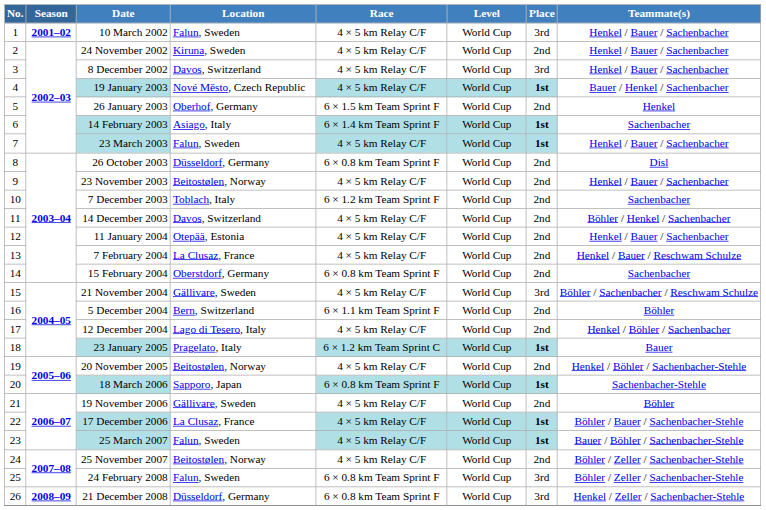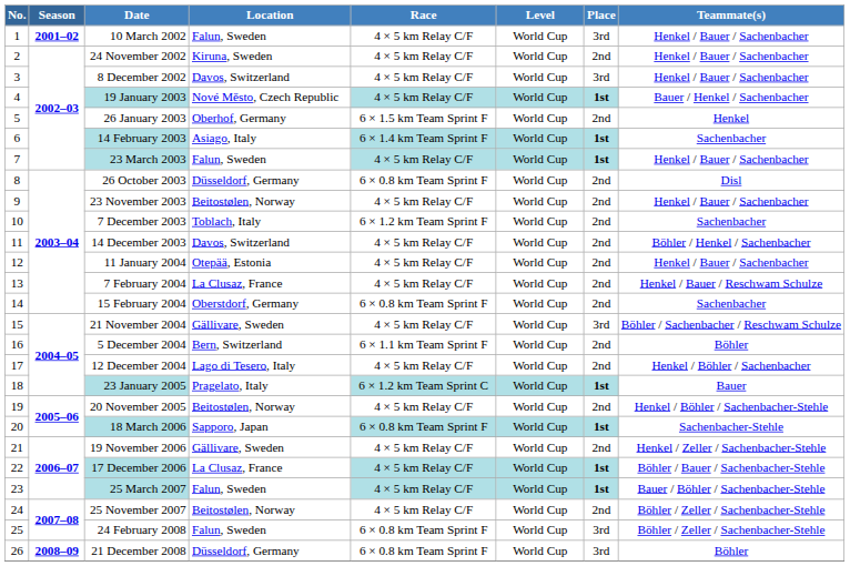 <table class="wikitable sortable" style="font-size:95%; text-align:center; border:grey solid 1px; border-collapse:collapse; background:#ffffff;">
 <tr style="background:#efefef;">
 <th style="background-color:#369; color:white;">No.</th>
 <th style="background-color:#369; color:white;">Season</th>
 <th style="background-color:#4180be; color:white; width:120px;">Date</th>
 <th style="background-color:#4180be; color:white; width:190px;">Location</th>
 <th style="background-color:#4180be; color:white; width:170px;">Race</th>
 <th style="background-color:#4180be; color:white; width:100px;">Level</th>
 <th style="background-color:#4180be; color:white;">Place</th>
 <th style="background-color:#4180be; color:white;">Teammate(s)</th>
 </tr>
 <tr>
 <td align=center>1</td>
 <td rowspan=1 align=center><strong> <a href='#'>2001–02</a> </strong></td>
 <td align=right>10 March 2002</td>
 <td align=left> <a href='#'>Falun</a>, Sweden</td>
 <td>4 × 5 km Relay C/F</td>
 <td>World Cup</td>
 <td>3rd</td>
 <td><a href='#'>Henkel</a> / <a href='#'>Bauer</a> / <a href='#'>Sachenbacher</a></td>
 </tr>
 <tr>
 <td align=center>2</td>
 <td rowspan=6 align=center><strong> <a href='#'>2002–03</a> </strong></td>
 <td align=right>24 November 2002</td>
 <td align=left> <a href='#'>Kiruna</a>, Sweden</td>
 <td>4 × 5 km Relay C/F</td>
 <td>World Cup</td>
 <td>2nd</td>
 <td><a href='#'>Henkel</a> / <a href='#'>Bauer</a> / <a href='#'>Sachenbacher</a></td>
 </tr>
 <tr>
 <td align=center>3</td>
 <td align=right>8 December 2002</td>
 <td align=left> <a href='#'>Davos</a>, Switzerland</td>
 <td>4 × 5 km Relay C/F</td>
 <td>World Cup</td>
 <td>3rd</td>
 <td><a href='#'>Henkel</a> / <a href='#'>Bauer</a> / <a href='#'>Sachenbacher</a></td>
 </tr>
 <tr>
 <td align=center>4</td>
 <td bgcolor="#BOEOE6" align=right>19 January 2003</td>
 <td align=left> <a href='#'>Nové Město</a>, Czech Republic</td>
 <td bgcolor="#BOEOE6">4 × 5 km Relay C/F</td>
 <td bgcolor="#BOEOE6">World Cup</td>
 <td bgcolor="#BOEOE6"><strong>1st</strong></td>
 <td><a href='#'>Bauer</a> / <a href='#'>Henkel</a> / <a href='#'>Sachenbacher</a></td>
 </tr>
 <tr>
 <td align=center>5</td>
 <td align=right>26 January 2003</td>
 <td align=left> <a href='#'>Oberhof</a>, Germany</td>
 <td>6 × 1.5 km Team Sprint F</td>
 <td>World Cup</td>
 <td>2nd</td>
 <td><a href='#'>Henkel</a></td>
 </tr>
 <tr>
 <td align=center>6</td>
 <td bgcolor="#BOEOE6" align=right>14 February 2003</td>
 <td align=left> <a href='#'>Asiago</a>, Italy</td>
 <td bgcolor="#BOEOE6">6 × 1.4 km Team Sprint F</td>
 <td bgcolor="#BOEOE6">World Cup</td>
 <td bgcolor="#BOEOE6"><strong>1st</strong></td>
 <td><a href='#'>Sachenbacher</a></td>
 </tr>
 <tr>
 <td align=center>7</td>
 <td bgcolor="#BOEOE6" align=right>23 March 2003</td>
 <td align=left> <a href='#'>Falun</a>, Sweden</td>
 <td bgcolor="#BOEOE6">4 × 5 km Relay C/F</td>
 <td bgcolor="#BOEOE6">World Cup</td>
 <td bgcolor="#BOEOE6"><strong>1st</strong></td>
 <td><a href='#'>Henkel</a> / <a href='#'>Bauer</a> / <a href='#'>Sachenbacher</a></td>
 </tr>
 <tr>
 <td align=center>8</td>
 <td rowspan=7 align=center><strong> <a href='#'>2003–04</a> </strong></td>
 <td align=right>26 October 2003</td>
 <td align=left> <a href='#'>Düsseldorf</a>, Germany</td>
 <td>6 × 0.8 km Team Sprint F</td>
 <td>World Cup</td>
 <td>2nd</td>
 <td><a href='#'>Disl</a></td>
 </tr>
 <tr>
 <td align=center>9</td>
 <td align=right>23 November 2003</td>
 <td align=left> <a href='#'>Beitostølen</a>, Norway</td>
 <td>4 × 5 km Relay C/F</td>
 <td>World Cup</td>
 <td>2nd</td>
 <td><a href='#'>Henkel</a> / <a href='#'>Bauer</a> / <a href='#'>Sachenbacher</a></td>
 </tr>
 <tr>
 <td align=center>10</td>
 <td align=right>7 December 2003</td>
 <td align=left> <a href='#'>Toblach</a>, Italy</td>
 <td>6 × 1.2 km Team Sprint F</td>
 <td>World Cup</td>
 <td>2nd</td>
 <td><a href='#'>Sachenbacher</a></td>
 </tr>
 <tr>
 <td align=center>11</td>
 <td align=right>14 December 2003</td>
 <td align=left> <a href='#'>Davos</a>, Switzerland</td>
 <td>4 × 5 km Relay C/F</td>
 <td>World Cup</td>
 <td>2nd</td>
 <td><a href='#'>Böhler</a> / <a href='#'>Henkel</a> / <a href='#'>Sachenbacher</a></td>
 </tr>
 <tr>
 <td align=center>12</td>
 <td align=right>11 January 2004</td>
 <td align=left> <a href='#'>Otepää</a>, Estonia</td>
 <td>4 × 5 km Relay C/F</td>
 <td>World Cup</td>
 <td>2nd</td>
 <td><a href='#'>Henkel</a> / <a href='#'>Bauer</a> / <a href='#'>Sachenbacher</a></td>
 </tr>
 <tr>
 <td align=center>13</td>
 <td align=right>7 February 2004</td>
 <td align=left> <a href='#'>La Clusaz</a>, France</td>
 <td>4 × 5 km Relay C/F</td>
 <td>World Cup</td>
 <td>2nd</td>
 <td><a href='#'>Henkel</a> / <a href='#'>Bauer</a> / <a href='#'>Reschwam Schulze</a></td>
 </tr>
 <tr>
 <td align=center>14</td>
 <td align=right>15 February 2004</td>
 <td align=left> <a href='#'>Oberstdorf</a>, Germany</td>
 <td>6 × 0.8 km Team Sprint F</td>
 <td>World Cup</td>
 <td>2nd</td>
 <td><a href='#'>Sachenbacher</a></td>
 </tr>
 <tr>
 <td align=center>15</td>
 <td rowspan=4 align=center><strong> <a href='#'>2004–05</a> </strong></td>
 <td align=right>21 November 2004</td>
 <td align=left> <a href='#'>Gällivare</a>, Sweden</td>
 <td>4 × 5 km Relay C/F</td>
 <td>World Cup</td>
 <td>3rd</td>
 <td><a href='#'>Böhler</a> / <a href='#'>Sachenbacher</a> / <a href='#'>Reschwam Schulze</a></td>
 </tr>
 <tr>
 <td align=center>16</td>
 <td align=right>5 December 2004</td>
 <td align=left> <a href='#'>Bern</a>, Switzerland</td>
 <td>6 × 1.1 km Team Sprint F</td>
 <td>World Cup</td>
 <td>2nd</td>
 <td><a href='#'>Böhler</a></td>
 </tr>
 <tr>
 <td align=center>17</td>
 <td align=right>12 December 2004</td>
 <td align=left> <a href='#'>Lago di Tesero</a>, Italy</td>
 <td>4 × 5 km Relay C/F</td>
 <td>World Cup</td>
 <td>2nd</td>
 <td><a href='#'>Henkel</a> / <a href='#'>Böhler</a> / <a href='#'>Sachenbacher</a></td>
 </tr>
 <tr>
 <td align=center>18</td>
 <td bgcolor="#BOEOE6" align=right>23 January 2005</td>
 <td align=left> <a href='#'>Pragelato</a>, Italy</td>
 <td bgcolor="#BOEOE6">6 × 1.2 km Team Sprint C</td>
 <td bgcolor="#BOEOE6">World Cup</td>
 <td bgcolor="#BOEOE6"><strong>1st</strong></td>
 <td><a href='#'>Bauer</a></td>
 </tr>
 <tr>
 <td align=center>19</td>
 <td rowspan=2 align=center><strong> <a href='#'>2005–06</a> </strong></td>
 <td align=right>20 November 2005</td>
 <td align=left> <a href='#'>Beitostølen</a>, Norway</td>
 <td>4 × 5 km Relay C/F</td>
 <td>World Cup</td>
 <td>2nd</td>
 <td><a href='#'>Henkel</a> / <a href='#'>Böhler</a> / <a href='#'>Sachenbacher-Stehle</a></td>
 </tr>
 <tr>
 <td align=center>20</td>
 <td bgcolor="#BOEOE6" align=right>18 March 2006</td>
 <td align=left> <a href='#'>Sapporo</a>, Japan</td>
 <td bgcolor="#BOEOE6">6 × 0.8 km Team Sprint F</td>
 <td bgcolor="#BOEOE6">World Cup</td>
 <td bgcolor="#BOEOE6"><strong>1st</strong></td>
 <td><a href='#'>Sachenbacher-Stehle</a></td>
 </tr>
 <tr>
 <td align=center>21</td>
 <td rowspan=3 align=center><strong> <a href='#'>2006–07</a> </strong></td>
 <td align=right>19 November 2006</td>
 <td align=left> <a href='#'>Gällivare</a>, Sweden</td>
 <td>4 × 5 km Relay C/F</td>
 <td>World Cup</td>
 <td>2nd</td>
-<td><a href='#'>Böhler</a></td>
+<td><a href='#'>Henkel</a> / <a href='#'>Zeller</a> / <a href='#'>Sachenbacher-Stehle</a></td>
 </tr>
 <tr>
 <td align=center>22</td>
 <td bgcolor="#BOEOE6" align=right>17 December 2006</td>
 <td align=left> <a href='#'>La Clusaz</a>, France</td>
 <td bgcolor="#BOEOE6">4 × 5 km Relay C/F</td>
 <td bgcolor="#BOEOE6">World Cup</td>
 <td bgcolor="#BOEOE6"><strong>1st</strong></td>
 <td><a href='#'>Böhler</a> / <a href='#'>Bauer</a> / <a href='#'>Sachenbacher-Stehle</a></td>
 </tr>
 <tr>
 <td align=center>23</td>
 <td bgcolor="#BOEOE6" align=right>25 March 2007</td>
 <td align=left> <a href='#'>Falun</a>, Sweden</td>
 <td bgcolor="#BOEOE6">4 × 5 km Relay C/F</td>
 <td bgcolor="#BOEOE6">World Cup</td>
 <td bgcolor="#BOEOE6"><strong>1st</strong></td>
 <td><a href='#'>Bauer</a> / <a href='#'>Böhler</a> / <a href='#'>Sachenbacher-Stehle</a></td>
 </tr>
 <tr>
 <td align=center>24</td>
 <td rowspan=2 align=center><strong> <a href='#'>2007–08</a> </strong></td>
 <td align=right>25 November 2007</td>
 <td align=left> <a href='#'>Beitostølen</a>, Norway</td>
 <td>4 × 5 km Relay C/F</td>
 <td>World Cup</td>
 <td>2nd</td>
 <td><a href='#'>Böhler</a> / <a href='#'>Zeller</a> / <a href='#'>Sachenbacher-Stehle</a></td>
 </tr>
 <tr>
 <td align=center>25</td>
 <td align=right>24 February 2008</td>
 <td align=left> <a href='#'>Falun</a>, Sweden</td>
 <td>6 × 0.8 km Team Sprint F</td>
 <td>World Cup</td>
 <td>3rd</td>
 <td><a href='#'>Böhler</a> / <a href='#'>Zeller</a> / <a href='#'>Sachenbacher-Stehle</a></td>
 </tr>
 <tr>
 <td align=center>26</td>
 <td rowspan=1 align=center><strong> <a href='#'>2008–09</a> </strong></td>
 <td align=right>21 December 2008</td>
 <td align=left> <a href='#'>Düsseldorf</a>, Germany</td>
 <td>6 × 0.8 km Team Sprint F</td>
 <td>World Cup</td>
 <td>3rd</td>
-<td><a href='#'>Henkel</a> / <a href='#'>Zeller</a> / <a href='#'>Sachenbacher-Stehle</a></td>
+<td><a href='#'>Böhler</a></td>
 </tr>
 <tr>
 </tr>
 </table>
